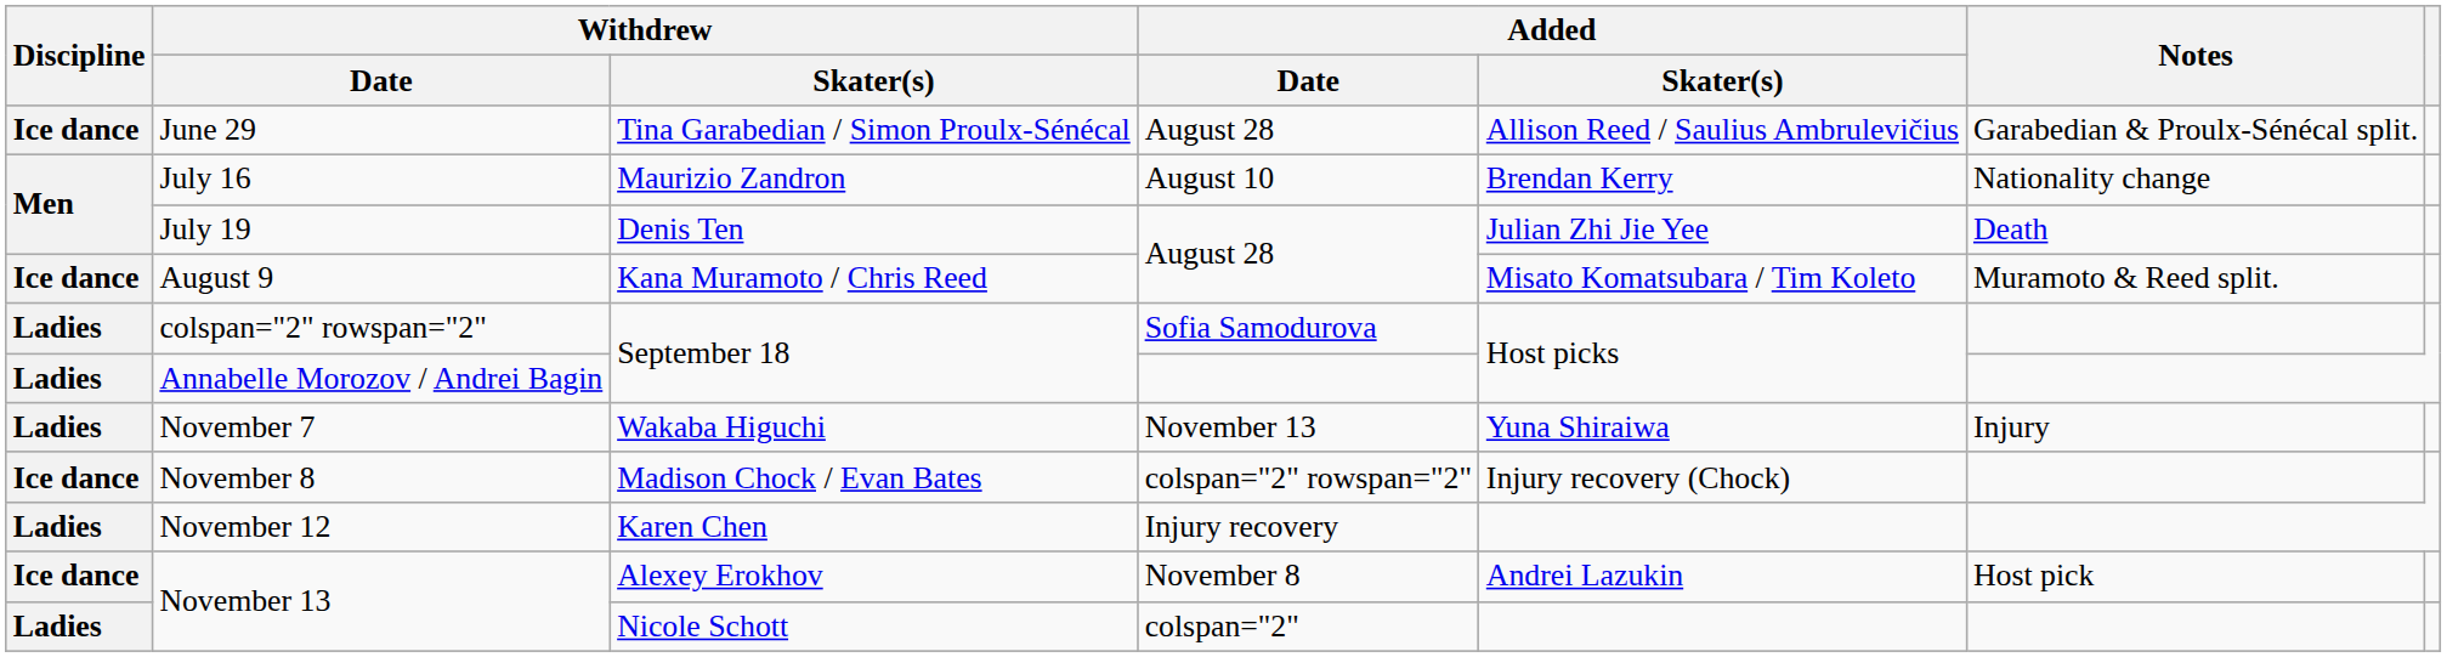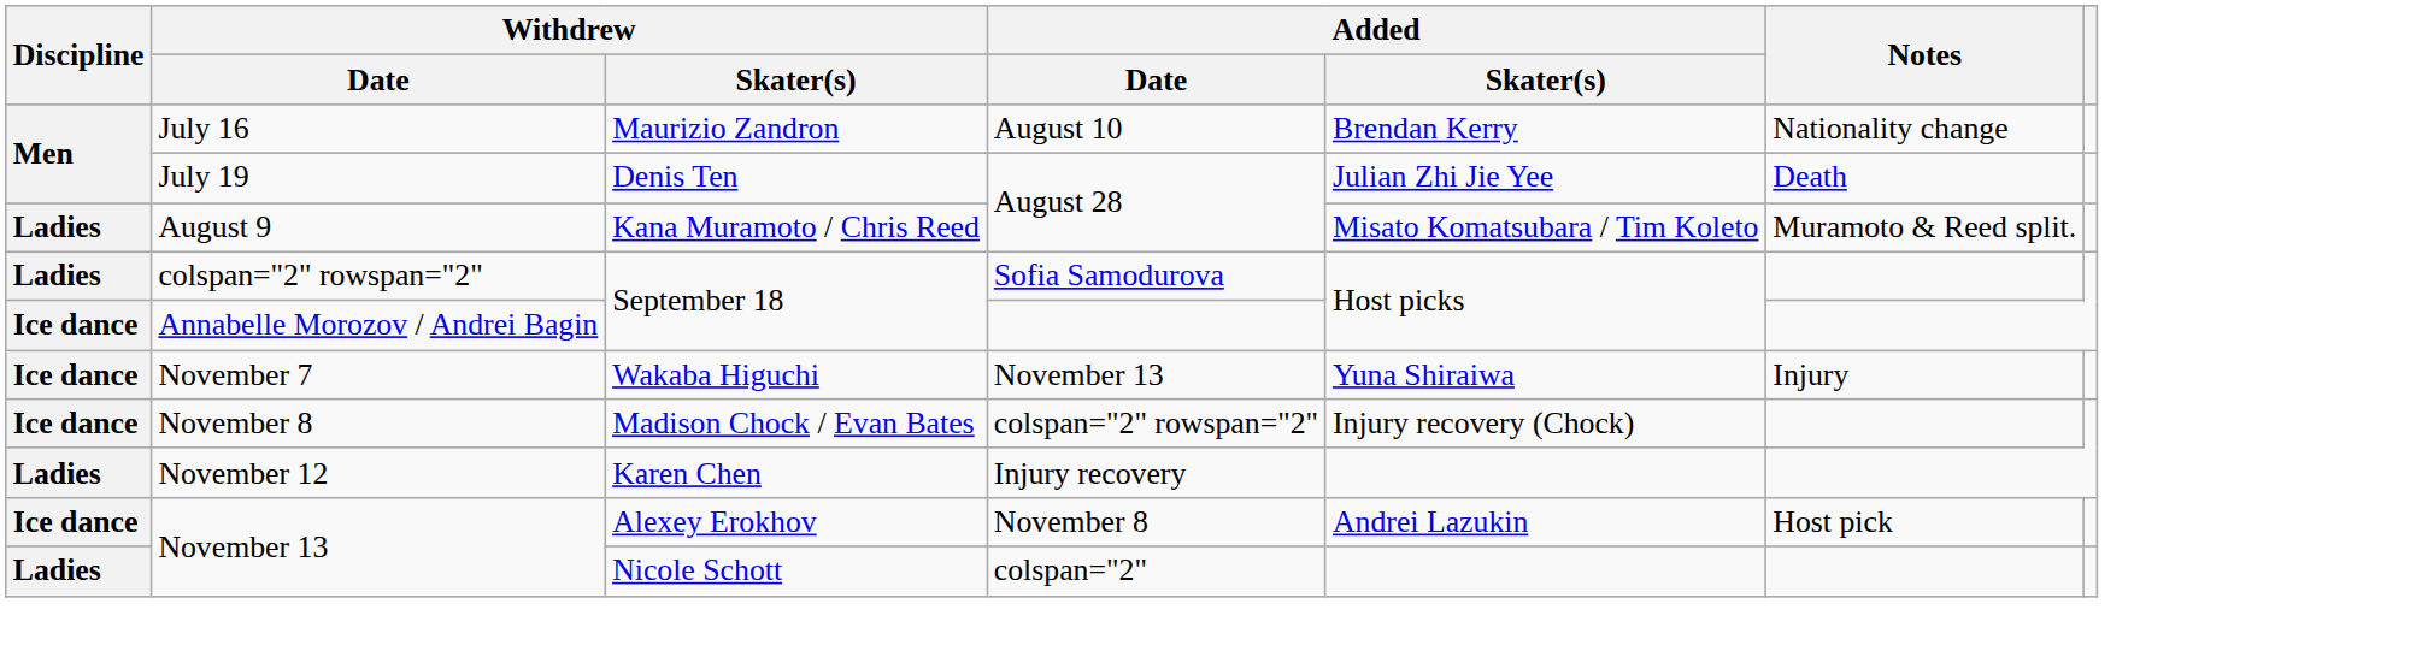 <table class="wikitable unsortable">
 <tr>
 <th scope="col" rowspan=2>Discipline</th>
 <th scope="col" colspan=2>Withdrew</th>
 <th scope="col" colspan=2>Added</th>
 <th scope="col" rowspan=2>Notes</th>
 <th scope="col" rowspan=2></th>
 </tr>
 <tr>
 <th>Date</th>
 <th>Skater(s)</th>
 <th>Date</th>
 <th>Skater(s)</th>
-</tr>
-<tr>
-<th scope="row" style="text-align:left">Ice dance</th>
-<td>June 29</td>
-<td> <a href='#'>Tina Garabedian</a> / <a href='#'>Simon Proulx-Sénécal</a></td>
-<td>August 28</td>
-<td> <a href='#'>Allison Reed</a> / <a href='#'>Saulius Ambrulevičius</a></td>
-<td>Garabedian & Proulx-Sénécal split.</td>
-<td></td>
 </tr>
 <tr>
 <th scope="row" style="text-align:left" rowspan="2">Men</th>
 <td>July 16</td>
 <td> <a href='#'>Maurizio Zandron</a></td>
 <td>August 10</td>
 <td> <a href='#'>Brendan Kerry</a></td>
 <td>Nationality change</td>
 <td></td>
 </tr>
 <tr>
 <td>July 19</td>
 <td> <a href='#'>Denis Ten</a></td>
 <td rowspan="2">August 28</td>
 <td> <a href='#'>Julian Zhi Jie Yee</a></td>
 <td><a href='#'>Death</a></td>
 <td></td>
 </tr>
 <tr>
-<th scope="row" style="text-align:left">Ice dance</th>
+<th scope="row" style="text-align:left">Ladies</th>
 <td>August 9</td>
 <td> <a href='#'>Kana Muramoto</a> / <a href='#'>Chris Reed</a></td>
 <td> <a href='#'>Misato Komatsubara</a> / <a href='#'>Tim Koleto</a></td>
 <td>Muramoto & Reed split.</td>
 <td></td>
 </tr>
 <tr>
 <th scope="row" style="text-align:left">Ladies</th>
 <td>colspan="2" rowspan="2" </td>
 <td rowspan="2">September 18</td>
 <td> <a href='#'>Sofia Samodurova</a></td>
 <td rowspan="2">Host picks</td>
 <td></td>
 </tr>
 <tr>
-<th scope="row" style="text-align:left">Ladies</th>
+<th scope="row" style="text-align:left">Ice dance</th>
 <td> <a href='#'>Annabelle Morozov</a> / <a href='#'>Andrei Bagin</a></td>
 <td></td>
 </tr>
 <tr>
-<th scope="row" style="text-align:left">Ladies</th>
+<th scope="row" style="text-align:left">Ice dance</th>
 <td>November 7</td>
 <td> <a href='#'>Wakaba Higuchi</a></td>
 <td>November 13</td>
 <td> <a href='#'>Yuna Shiraiwa</a></td>
 <td>Injury</td>
 <td></td>
 </tr>
 <tr>
 <th scope="row" style="text-align:left">Ice dance</th>
 <td>November 8</td>
 <td> <a href='#'>Madison Chock</a> / <a href='#'>Evan Bates</a></td>
 <td>colspan="2" rowspan="2" </td>
 <td>Injury recovery (Chock)</td>
 <td></td>
 </tr>
 <tr>
 <th scope="row" style="text-align:left">Ladies</th>
 <td>November 12</td>
 <td> <a href='#'>Karen Chen</a></td>
 <td>Injury recovery</td>
 <td></td>
 </tr>
 <tr>
 <th scope="row" style="text-align:left">Ice dance</th>
 <td rowspan="2">November 13</td>
 <td> <a href='#'>Alexey Erokhov</a></td>
 <td>November 8</td>
 <td> <a href='#'>Andrei Lazukin</a></td>
 <td>Host pick</td>
 <td></td>
 </tr>
 <tr>
 <th scope="row" style="text-align:left">Ladies</th>
 <td> <a href='#'>Nicole Schott</a></td>
 <td>colspan="2" </td>
 <td></td>
 <td></td>
 </tr>
 </table>
